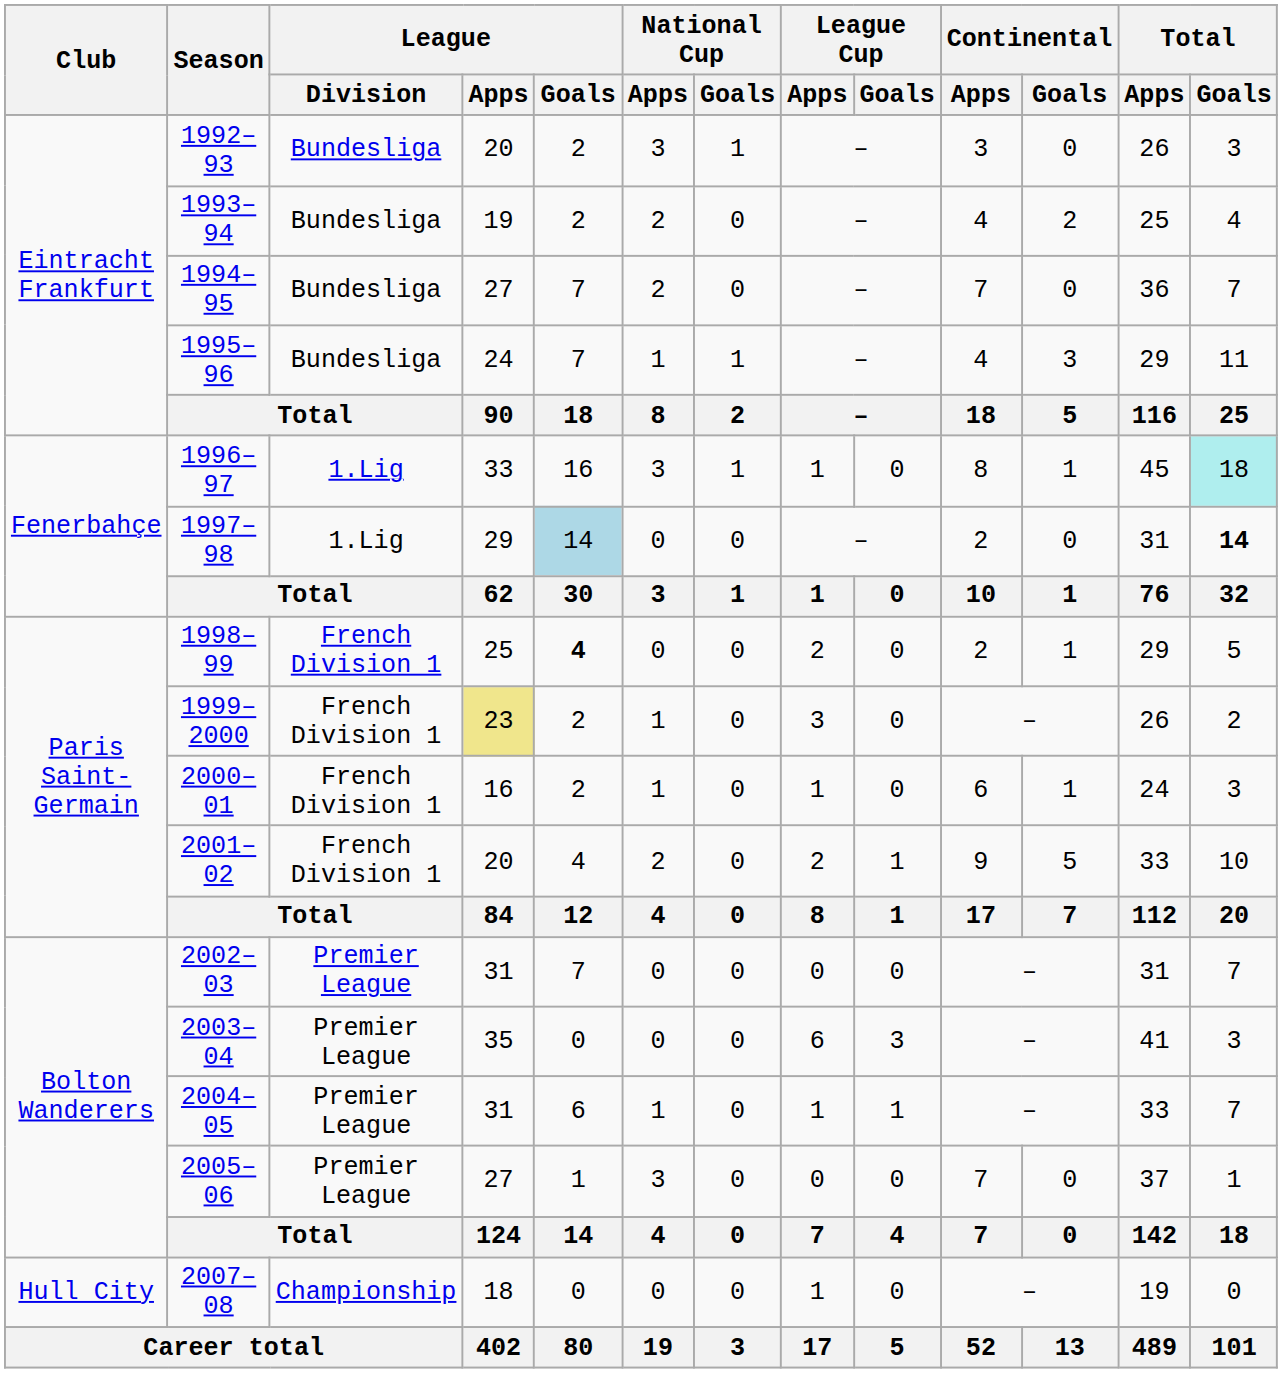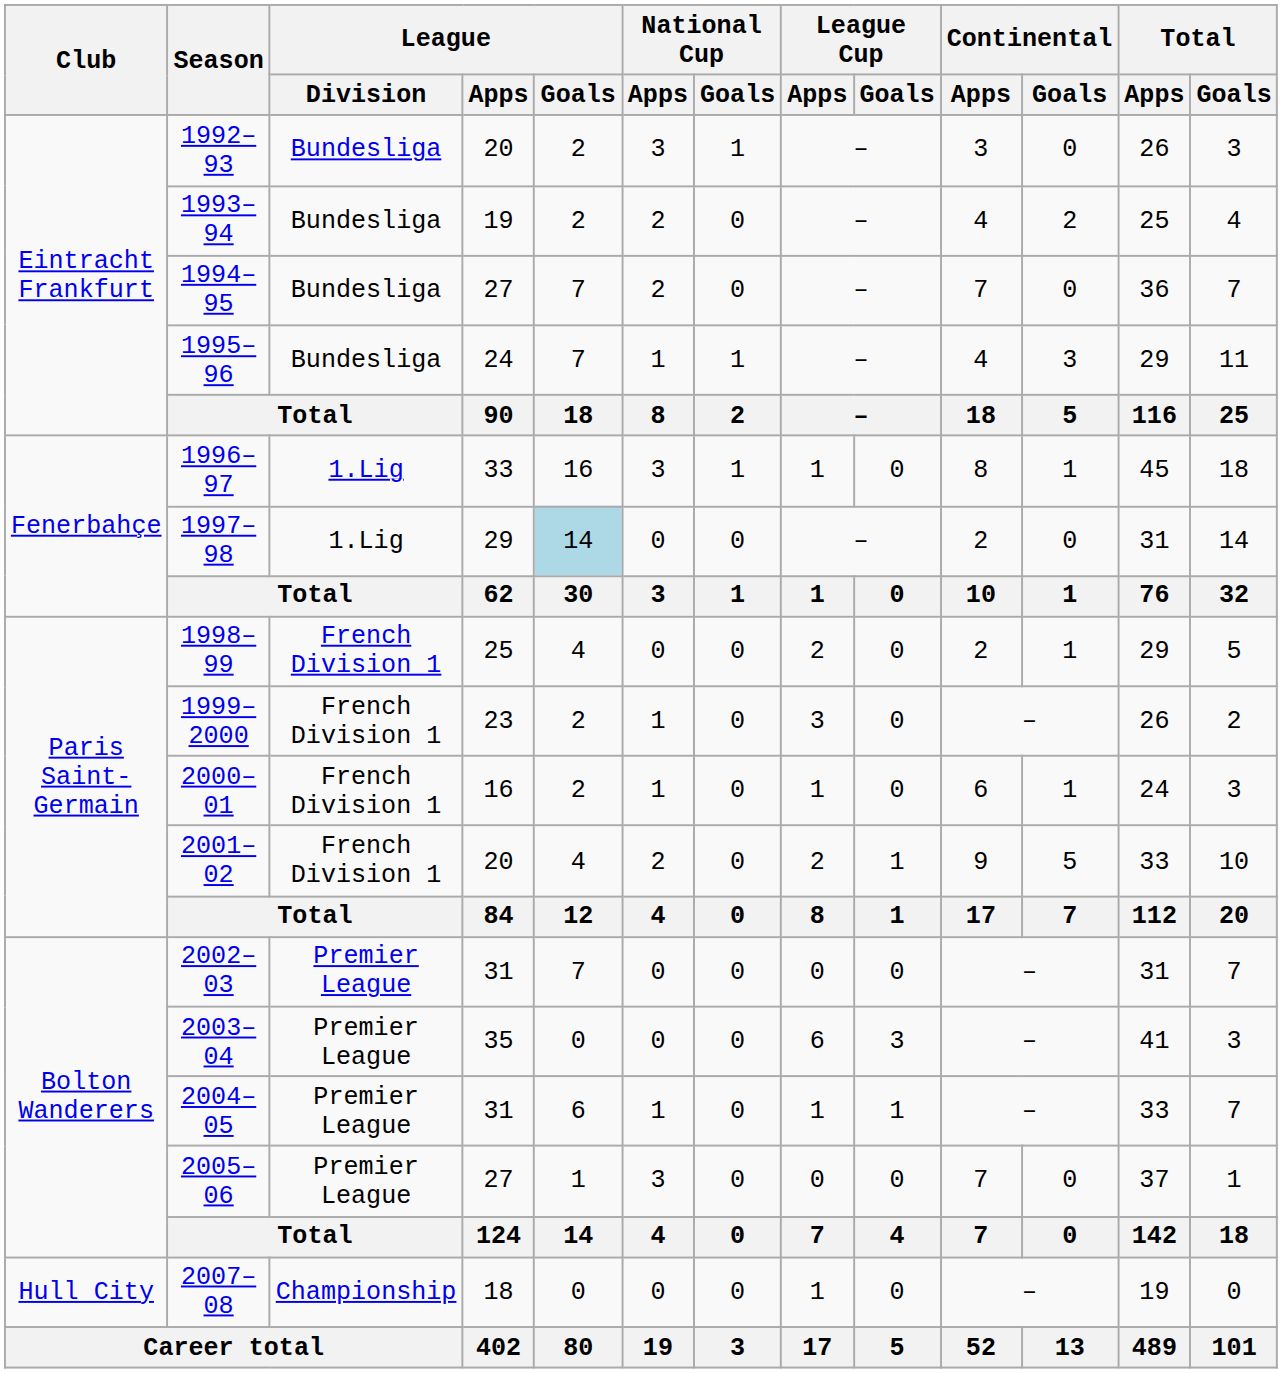 <table class="wikitable" style="text-align:center">
 <tr>
 <th rowspan="2">Club</th>
 <th rowspan="2">Season</th>
 <th colspan="3">League</th>
 <th colspan="2">National Cup</th>
 <th colspan="2">League Cup</th>
 <th colspan="2">Continental</th>
 <th colspan="2">Total</th>
 </tr>
 <tr>
 <th>Division</th>
 <th>Apps</th>
 <th>Goals</th>
 <th>Apps</th>
 <th>Goals</th>
 <th>Apps</th>
 <th>Goals</th>
 <th>Apps</th>
 <th>Goals</th>
 <th>Apps</th>
 <th>Goals</th>
 </tr>
 <tr>
 <td rowspan="5"><a href='#'>Eintracht Frankfurt</a></td>
 <td><a href='#'>1992–93</a></td>
 <td><a href='#'>Bundesliga</a></td>
 <td>20</td>
 <td>2</td>
 <td>3</td>
 <td>1</td>
 <td colspan="2">–</td>
 <td>3</td>
 <td>0</td>
 <td>26</td>
 <td>3</td>
 </tr>
 <tr>
 <td><a href='#'>1993–94</a></td>
 <td>Bundesliga</td>
 <td>19</td>
 <td>2</td>
 <td>2</td>
 <td>0</td>
 <td colspan="2">–</td>
 <td>4</td>
 <td>2</td>
 <td>25</td>
 <td>4</td>
 </tr>
 <tr>
 <td><a href='#'>1994–95</a></td>
 <td>Bundesliga</td>
 <td>27</td>
 <td>7</td>
 <td>2</td>
 <td>0</td>
 <td colspan="2">–</td>
 <td>7</td>
 <td>0</td>
 <td>36</td>
 <td>7</td>
 </tr>
 <tr>
 <td><a href='#'>1995–96</a></td>
 <td>Bundesliga</td>
 <td>24</td>
 <td>7</td>
 <td>1</td>
 <td>1</td>
 <td colspan="2">–</td>
 <td>4</td>
 <td>3</td>
 <td>29</td>
 <td>11</td>
 </tr>
 <tr>
 <th colspan="2">Total</th>
 <th>90</th>
 <th>18</th>
 <th>8</th>
 <th>2</th>
 <th colspan="2">–</th>
 <th>18</th>
 <th>5</th>
 <th>116</th>
 <th>25</th>
 </tr>
 <tr>
 <td rowspan="3"><a href='#'>Fenerbahçe</a></td>
 <td><a href='#'>1996–97</a></td>
 <td><a href='#'>1.Lig</a></td>
 <td>33</td>
 <td>16</td>
 <td>3</td>
 <td>1</td>
 <td>1</td>
 <td>0</td>
 <td>8</td>
 <td>1</td>
 <td>45</td>
-<td style="background: paleturquoise;">18</td>
+<td>18</td>
 </tr>
 <tr>
 <td><a href='#'>1997–98</a></td>
 <td>1.Lig</td>
 <td>29</td>
 <td style="background: lightblue;">14</td>
 <td>0</td>
 <td>0</td>
 <td colspan="2">–</td>
 <td>2</td>
 <td>0</td>
 <td>31</td>
-<td><strong>14</strong></td>
+<td>14</td>
 </tr>
 <tr>
 <th colspan="2">Total</th>
 <th>62</th>
 <th>30</th>
 <th>3</th>
 <th>1</th>
 <th>1</th>
 <th>0</th>
 <th>10</th>
 <th>1</th>
 <th>76</th>
 <th>32</th>
 </tr>
 <tr>
 <td rowspan="5"><a href='#'>Paris Saint-Germain</a></td>
 <td><a href='#'>1998–99</a></td>
 <td><a href='#'>French Division 1</a></td>
 <td>25</td>
-<td><strong>4</strong></td>
+<td>4</td>
 <td>0</td>
 <td>0</td>
 <td>2</td>
 <td>0</td>
 <td>2</td>
 <td>1</td>
 <td>29</td>
 <td>5</td>
 </tr>
 <tr>
 <td><a href='#'>1999–2000</a></td>
 <td>French Division 1</td>
-<td style="background: khaki;">23</td>
+<td>23</td>
 <td>2</td>
 <td>1</td>
 <td>0</td>
 <td>3</td>
 <td>0</td>
 <td colspan="2">–</td>
 <td>26</td>
 <td>2</td>
 </tr>
 <tr>
 <td><a href='#'>2000–01</a></td>
 <td>French Division 1</td>
 <td>16</td>
 <td>2</td>
 <td>1</td>
 <td>0</td>
 <td>1</td>
 <td>0</td>
 <td>6</td>
 <td>1</td>
 <td>24</td>
 <td>3</td>
 </tr>
 <tr>
 <td><a href='#'>2001–02</a></td>
 <td>French Division 1</td>
 <td>20</td>
 <td>4</td>
 <td>2</td>
 <td>0</td>
 <td>2</td>
 <td>1</td>
 <td>9</td>
 <td>5</td>
 <td>33</td>
 <td>10</td>
 </tr>
 <tr>
 <th colspan="2">Total</th>
 <th>84</th>
 <th>12</th>
 <th>4</th>
 <th>0</th>
 <th>8</th>
 <th>1</th>
 <th>17</th>
 <th>7</th>
 <th>112</th>
 <th>20</th>
 </tr>
 <tr>
 <td rowspan="5"><a href='#'>Bolton Wanderers</a></td>
 <td><a href='#'>2002–03</a></td>
 <td><a href='#'>Premier League</a></td>
 <td>31</td>
 <td>7</td>
 <td>0</td>
 <td>0</td>
 <td>0</td>
 <td>0</td>
 <td colspan="2">–</td>
 <td>31</td>
 <td>7</td>
 </tr>
 <tr>
 <td><a href='#'>2003–04</a></td>
 <td>Premier League</td>
 <td>35</td>
 <td>0</td>
 <td>0</td>
 <td>0</td>
 <td>6</td>
 <td>3</td>
 <td colspan="2">–</td>
 <td>41</td>
 <td>3</td>
 </tr>
 <tr>
 <td><a href='#'>2004–05</a></td>
 <td>Premier League</td>
 <td>31</td>
 <td>6</td>
 <td>1</td>
 <td>0</td>
 <td>1</td>
 <td>1</td>
 <td colspan="2">–</td>
 <td>33</td>
 <td>7</td>
 </tr>
 <tr>
 <td><a href='#'>2005–06</a></td>
 <td>Premier League</td>
 <td>27</td>
 <td>1</td>
 <td>3</td>
 <td>0</td>
 <td>0</td>
 <td>0</td>
 <td>7</td>
 <td>0</td>
 <td>37</td>
 <td>1</td>
 </tr>
 <tr>
 <th colspan="2">Total</th>
 <th>124</th>
 <th>14</th>
 <th>4</th>
 <th>0</th>
 <th>7</th>
 <th>4</th>
 <th>7</th>
 <th>0</th>
 <th>142</th>
 <th>18</th>
 </tr>
 <tr>
 <td><a href='#'>Hull City</a></td>
 <td><a href='#'>2007–08</a></td>
 <td><a href='#'>Championship</a></td>
 <td>18</td>
 <td>0</td>
 <td>0</td>
 <td>0</td>
 <td>1</td>
 <td>0</td>
 <td colspan="2">–</td>
 <td>19</td>
 <td>0</td>
 </tr>
 <tr>
 <th colspan="3">Career total</th>
 <th>402</th>
 <th>80</th>
 <th>19</th>
 <th>3</th>
 <th>17</th>
 <th>5</th>
 <th>52</th>
 <th>13</th>
 <th>489</th>
 <th>101</th>
 </tr>
 </table>
